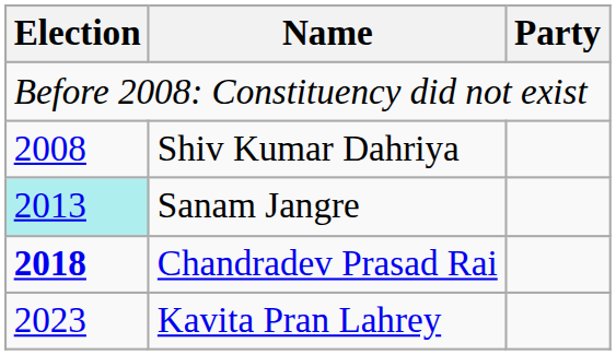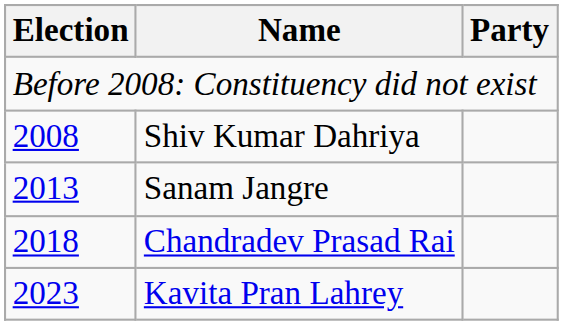 <table class="wikitable sortable">
 <tr>
 <th>Election</th>
 <th>Name</th>
 <th colspan=2>Party</th>
 </tr>
 <tr>
 <td colspan="4"><em>Before 2008: Constituency did not exist</em></td>
 </tr>
 <tr>
 <td><a href='#'>2008</a></td>
 <td>Shiv Kumar Dahriya</td>
 <td></td>
 </tr>
 <tr>
-<td style="background: paleturquoise;"><a href='#'>2013</a></td>
+<td><a href='#'>2013</a></td>
 <td>Sanam Jangre</td>
 <td></td>
 </tr>
 <tr>
-<td><strong><a href='#'>2018</a></strong></td>
+<td><a href='#'>2018</a></td>
 <td><a href='#'>Chandradev Prasad Rai</a></td>
 <td></td>
 </tr>
 <tr>
 <td><a href='#'>2023</a></td>
 <td><a href='#'>Kavita Pran Lahrey</a></td>
 </tr>
 </table>
